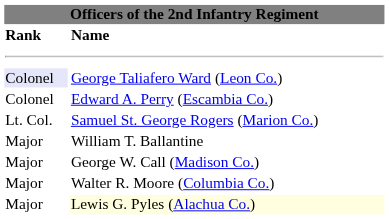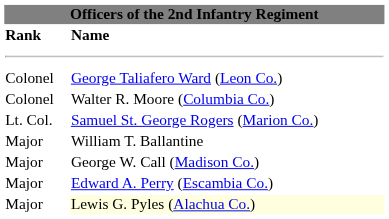 <table class="toccolours" style="fixed: left; margin-left: 1em;" width="400px">
 <tr>
 <th colspan="2" style="text-align: center; background:grey"><span><strong>Officers of the 2nd Infantry Regiment</strong></span></th>
 </tr>
 <tr>
 <td><strong>Rank</strong></td>
 <td><strong>Name</strong></td>
 </tr>
 <tr>
 <td colspan="2"><hr></td>
 </tr>
 <tr>
-<td style="background: lavender;">Colonel</td>
+<td>Colonel</td>
 <td><a href='#'>George Taliafero Ward</a> (<a href='#'>Leon Co.</a>)</td>
 </tr>
 <tr>
 <td>Colonel</td>
-<td><a href='#'>Edward A. Perry</a> (<a href='#'>Escambia Co.</a>)</td>
+<td>Walter R. Moore (<a href='#'>Columbia Co.</a>)</td>
 </tr>
 <tr>
 <td>Lt. Col.</td>
 <td><a href='#'>Samuel St. George Rogers</a> (<a href='#'>Marion Co.</a>)</td>
 </tr>
 <tr>
 <td>Major</td>
 <td>William T. Ballantine</td>
 </tr>
 <tr>
 <td>Major</td>
 <td>George W. Call (<a href='#'>Madison Co.</a>)</td>
 </tr>
 <tr>
 <td>Major</td>
-<td>Walter R. Moore (<a href='#'>Columbia Co.</a>)</td>
+<td><a href='#'>Edward A. Perry</a> (<a href='#'>Escambia Co.</a>)</td>
 </tr>
 <tr>
 <td>Major</td>
 <td style="background: lightyellow;">Lewis G. Pyles (<a href='#'>Alachua Co.</a>)</td>
 </tr>
 <tr>
 </tr>
 </table>
